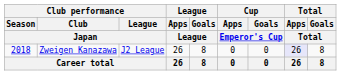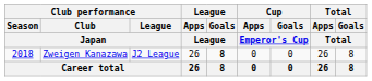 <table class="wikitable" style="text-align:center">
 <tr>
 <th colspan=3>Club performance</th>
 <th colspan=2>League</th>
 <th colspan=2>Cup</th>
 <th colspan=2>Total</th>
 </tr>
 <tr>
 <th>Season</th>
 <th>Club</th>
 <th>League</th>
 <th>Apps</th>
 <th>Goals</th>
 <th>Apps</th>
 <th>Goals</th>
 <th>Apps</th>
 <th>Goals</th>
 </tr>
 <tr>
 <th colspan=3>Japan</th>
 <th colspan=2>League</th>
 <th colspan=2><a href='#'>Emperor's Cup</a></th>
 <th colspan=2>Total</th>
 </tr>
 <tr>
 <td><a href='#'>2018</a></td>
 <td rowspan="1"><a href='#'>Zweigen Kanazawa</a></td>
 <td rowspan="1"><a href='#'>J2 League</a></td>
 <td>26</td>
-<td>8</td>
+<td><strong>8</strong></td>
 <td>0</td>
 <td>0</td>
-<td style="background: lavender;">26</td>
+<td>26</td>
 <td>8</td>
 </tr>
 <tr>
 <th colspan=3>Career total</th>
 <th>26</th>
 <th>8</th>
 <th>0</th>
 <th>0</th>
 <th>26</th>
 <th>8</th>
 </tr>
 </table>
